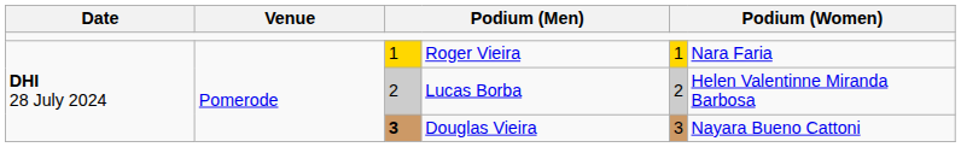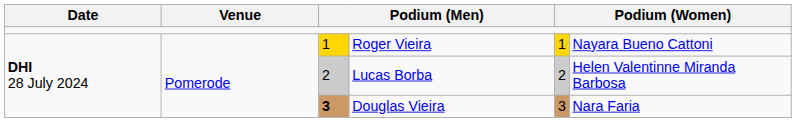 <table class="wikitable" width=70%>
 <tr>
 <th>Date</th>
 <th width=20%>Venue</th>
 <th colspan=2 width=30%>Podium (Men)</th>
 <th colspan=2 width=30%>Podium (Women)</th>
 </tr>
 <tr>
 <td colspan=6></td>
 </tr>
 <tr>
 <td rowspan=3><strong>DHI</strong> <br> 28 July 2024</td>
 <td rowspan=3><br><a href='#'>Pomerode</a></td>
 <td bgcolor=FFD700>1</td>
 <td><a href='#'>Roger Vieira</a></td>
 <td bgcolor=FFD700>1</td>
-<td><a href='#'>Nara Faria</a></td>
+<td><a href='#'>Nayara Bueno Cattoni</a></td>
 </tr>
 <tr>
 <td bgcolor=CCCCCC>2</td>
 <td><a href='#'>Lucas Borba</a></td>
 <td bgcolor=CCCCCC>2</td>
 <td><a href='#'>Helen Valentinne Miranda Barbosa</a></td>
 </tr>
 <tr>
 <td bgcolor=CC9966><strong>3</strong></td>
 <td><a href='#'>Douglas Vieira</a></td>
 <td bgcolor=CC9966>3</td>
-<td><a href='#'>Nayara Bueno Cattoni</a></td>
+<td><a href='#'>Nara Faria</a></td>
 </tr>
 </table>
